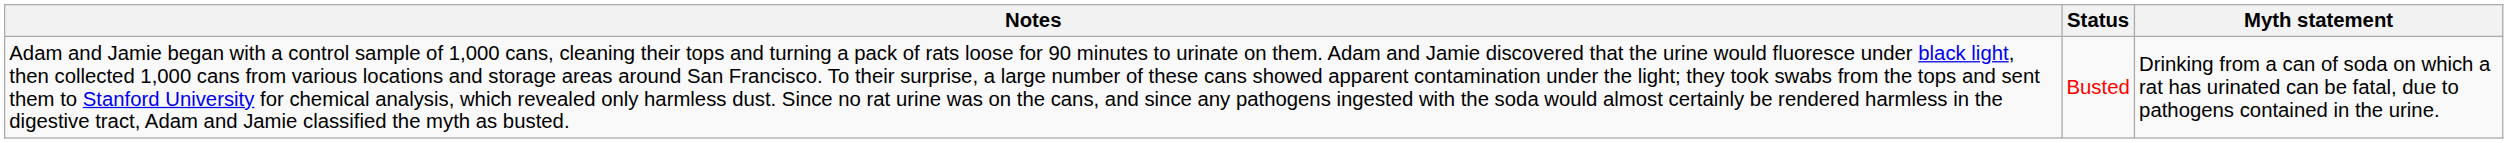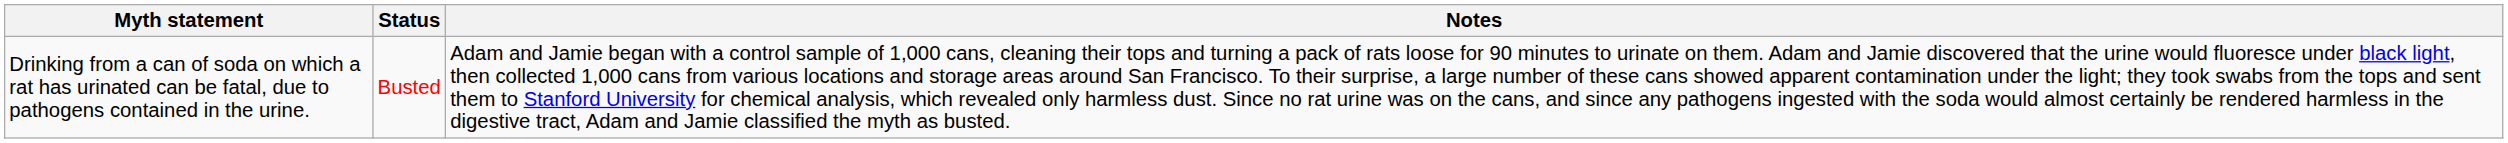 <table class="wikitable plainrowheaders">
 <tr>
+<th>Myth statement</th>
+<th>Status</th>
 <th>Notes</th>
-<th>Status</th>
-<th>Myth statement</th>
 </tr>
 <tr>
+<td>Drinking from a can of soda on which a rat has urinated can be fatal, due to pathogens contained in the urine.</td>
+<td style="color:red">Busted</td>
 <td>Adam and Jamie began with a control sample of 1,000 cans, cleaning their tops and turning a pack of rats loose for 90 minutes to urinate on them. Adam and Jamie discovered that the urine would fluoresce under <a href='#'>black light</a>, then collected 1,000 cans from various locations and storage areas around San Francisco. To their surprise, a large number of these cans showed apparent contamination under the light; they took swabs from the tops and sent them to <a href='#'>Stanford University</a> for chemical analysis, which revealed only harmless dust. Since no rat urine was on the cans, and since any pathogens ingested with the soda would almost certainly be rendered harmless in the digestive tract, Adam and Jamie classified the myth as busted.</td>
-<td style="color:red">Busted</td>
-<td>Drinking from a can of soda on which a rat has urinated can be fatal, due to pathogens contained in the urine.</td>
 </tr>
 </table>
